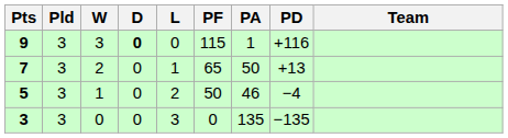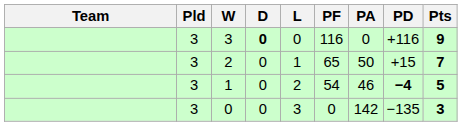 <table class="wikitable" style="text-align: center;">
 <tr>
-<th width="30">Pts</th>
+<th style="width:180px;">Team</th>
 <th width="30">Pld</th>
 <th width="30">W</th>
 <th width="30">D</th>
 <th width="30">L</th>
 <th width="30">PF</th>
 <th width="30">PA</th>
 <th width="30">PD</th>
-<th style="width:180px;">Team</th>
+<th width="30">Pts</th>
 </tr>
 <tr style="background:#cfc;">
-<td><strong>9</strong></td>
+<td style="text-align:left"></td>
 <td>3</td>
 <td>3</td>
 <td><strong>0</strong></td>
 <td>0</td>
-<td>115</td>
-<td>1</td>
+<td>116</td>
+<td>0</td>
 <td>+116</td>
-<td style="text-align:left"></td>
+<td><strong>9</strong></td>
 </tr>
 <tr style="background:#cfc;">
-<td><strong>7</strong></td>
+<td style="text-align:left"></td>
 <td>3</td>
 <td>2</td>
 <td>0</td>
 <td>1</td>
 <td>65</td>
 <td>50</td>
-<td>+13</td>
-<td style="text-align:left"></td>
+<td>+15</td>
+<td><strong>7</strong></td>
 </tr>
 <tr style="background:#cfc;">
-<td><strong>5</strong></td>
+<td style="text-align:left"></td>
 <td>3</td>
 <td>1</td>
 <td>0</td>
 <td>2</td>
-<td>50</td>
+<td>54</td>
 <td>46</td>
-<td>−4</td>
-<td style="text-align:left"></td>
+<td><strong>−4</strong></td>
+<td><strong>5</strong></td>
 </tr>
 <tr style="background:#cfc;">
-<td><strong>3</strong></td>
+<td style="text-align:left"></td>
 <td>3</td>
 <td>0</td>
 <td>0</td>
 <td>3</td>
 <td>0</td>
-<td>135</td>
+<td>142</td>
 <td>−135</td>
-<td style="text-align:left"></td>
+<td><strong>3</strong></td>
 </tr>
 </table>
